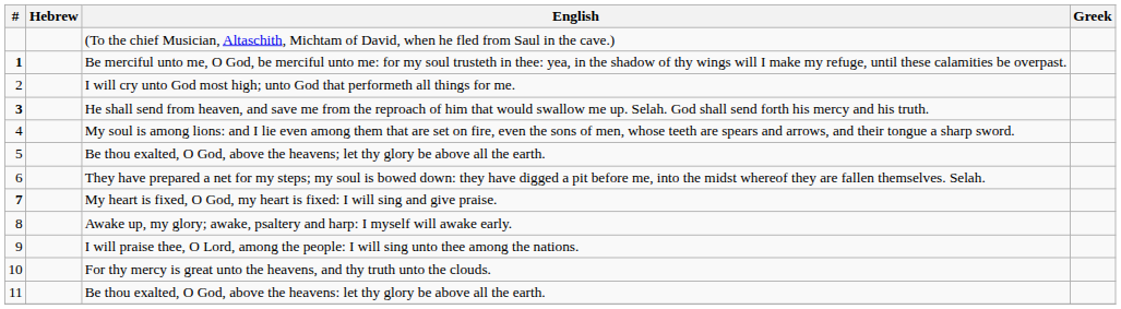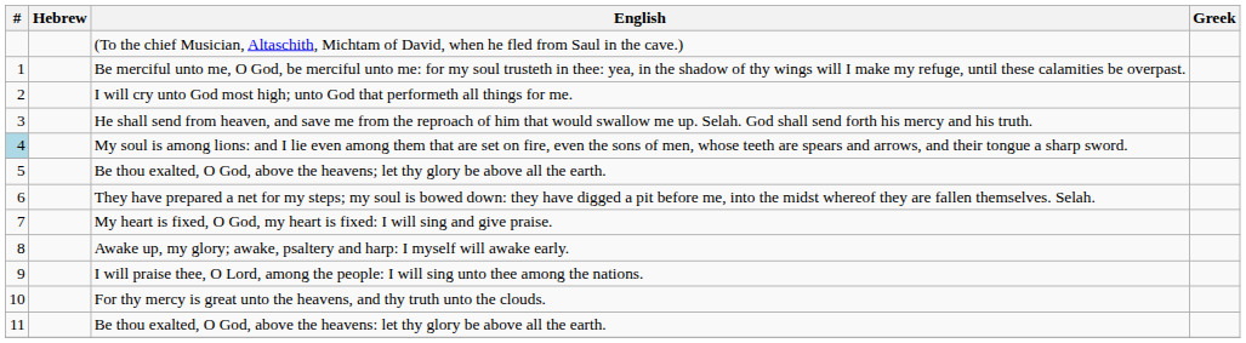 <table class=wikitable>
 <tr>
 <th>#</th>
 <th>Hebrew</th>
 <th>English</th>
 <th>Greek</th>
 </tr>
 <tr>
 <td style="text-align:right"></td>
 <td style="text-align:right"></td>
 <td>(To the chief Musician, <a href='#'>Altaschith</a>, Michtam of David, when he fled from Saul in the cave.)</td>
 <td></td>
 </tr>
 <tr>
-<td style="text-align:right"><strong>1</strong></td>
+<td style="text-align:right">1</td>
 <td style="text-align:right"></td>
 <td>Be merciful unto me, O God, be merciful unto me: for my soul trusteth in thee: yea, in the shadow of thy wings will I make my refuge, until these calamities be overpast.</td>
 <td></td>
 </tr>
 <tr>
 <td style="text-align:right">2</td>
 <td style="text-align:right"></td>
 <td>I will cry unto God most high; unto God that performeth all things for me.</td>
 <td></td>
 </tr>
 <tr>
-<td style="text-align:right"><strong>3</strong></td>
+<td style="text-align:right">3</td>
 <td style="text-align:right"></td>
 <td>He shall send from heaven, and save me from the reproach of him that would swallow me up. Selah. God shall send forth his mercy and his truth.</td>
 <td></td>
 </tr>
 <tr>
-<td style="text-align:right">4</td>
+<td style="background: lightblue; text-align:right">4</td>
 <td style="text-align:right"></td>
 <td>My soul is among lions: and I lie even among them that are set on fire, even the sons of men, whose teeth are spears and arrows, and their tongue a sharp sword.</td>
 <td></td>
 </tr>
 <tr>
 <td style="text-align:right">5</td>
 <td style="text-align:right"></td>
 <td>Be thou exalted, O God, above the heavens; let thy glory be above all the earth.</td>
 <td></td>
 </tr>
 <tr>
 <td style="text-align:right">6</td>
 <td style="text-align:right"></td>
 <td>They have prepared a net for my steps; my soul is bowed down: they have digged a pit before me, into the midst whereof they are fallen themselves. Selah.</td>
 <td></td>
 </tr>
 <tr>
-<td style="text-align:right"><strong>7</strong></td>
+<td style="text-align:right">7</td>
 <td style="text-align:right"></td>
 <td>My heart is fixed, O God, my heart is fixed: I will sing and give praise.</td>
 <td></td>
 </tr>
 <tr>
 <td style="text-align:right">8</td>
 <td style="text-align:right"></td>
 <td>Awake up, my glory; awake, psaltery and harp: I myself will awake early.</td>
 <td></td>
 </tr>
 <tr>
 <td style="text-align:right">9</td>
 <td style="text-align:right"></td>
 <td>I will praise thee, O Lord, among the people: I will sing unto thee among the nations.</td>
 <td></td>
 </tr>
 <tr>
 <td style="text-align:right">10</td>
 <td style="text-align:right"></td>
 <td>For thy mercy is great unto the heavens, and thy truth unto the clouds.</td>
 <td></td>
 </tr>
 <tr>
 <td style="text-align:right">11</td>
 <td style="text-align:right"></td>
 <td>Be thou exalted, O God, above the heavens: let thy glory be above all the earth.</td>
 <td></td>
 </tr>
 <tr>
 </tr>
 </table>
